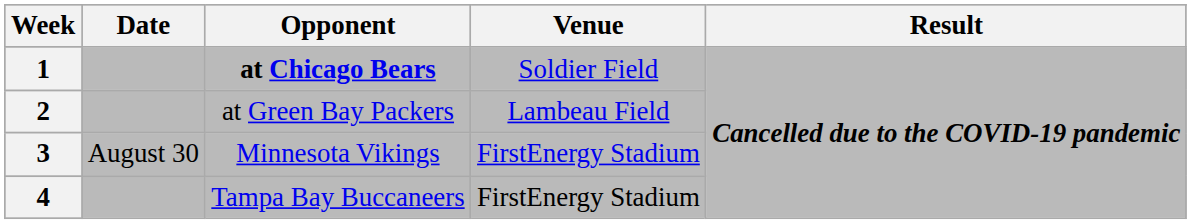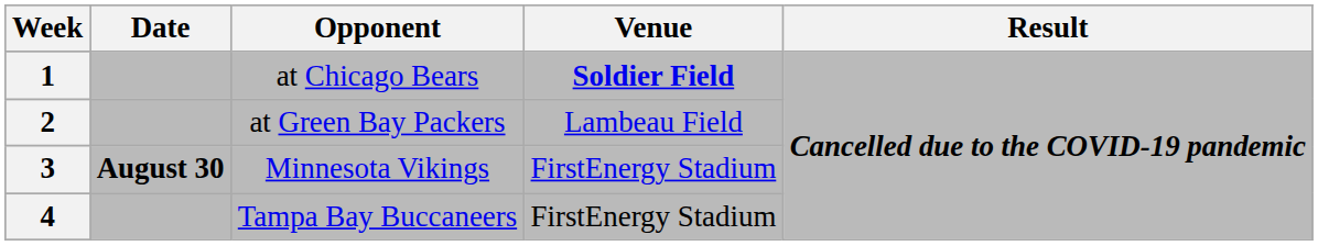 <table class="wikitable" style="text-align:center">
 <tr>
 <th>Week</th>
 <th>Date</th>
 <th>Opponent</th>
 <th>Venue</th>
 <th>Result</th>
 </tr>
 <tr style="background:#bababa">
 <th>1</th>
 <td></td>
-<td><strong>at <a href='#'>Chicago Bears</a></strong></td>
-<td><a href='#'>Soldier Field</a></td>
+<td>at <a href='#'>Chicago Bears</a></td>
+<td><strong><a href='#'>Soldier Field</a></strong></td>
 <td rowspan=4><strong><em>Cancelled due to the COVID-19 pandemic</em></strong></td>
 </tr>
 <tr style="background:#bababa">
 <th>2</th>
 <td></td>
 <td>at <a href='#'>Green Bay Packers</a></td>
 <td><a href='#'>Lambeau Field</a></td>
 </tr>
 <tr style="background:#bababa">
 <th>3</th>
-<td>August 30</td>
+<td><strong>August 30</strong></td>
 <td><a href='#'>Minnesota Vikings</a></td>
 <td><a href='#'>FirstEnergy Stadium</a></td>
 </tr>
 <tr style="background:#bababa">
 <th>4</th>
 <td></td>
 <td><a href='#'>Tampa Bay Buccaneers</a></td>
 <td>FirstEnergy Stadium</td>
 </tr>
 </table>
